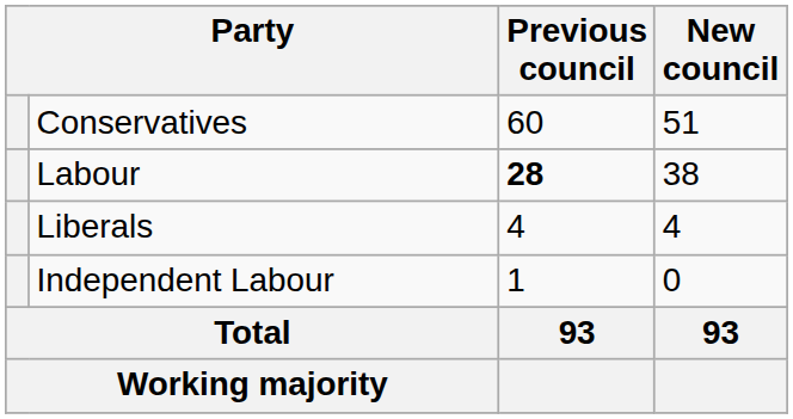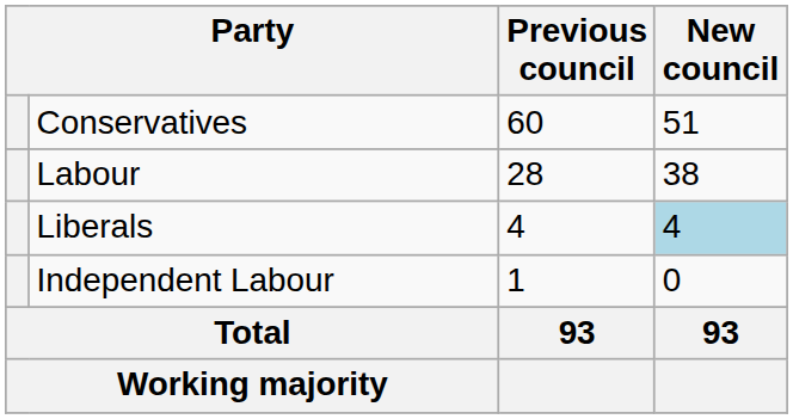 <table class="wikitable">
 <tr>
 <th valign=top colspan="2" style="width: 230px">Party</th>
 <th valign=top style="width: 30px">Previous council</th>
 <th valign=top style="width: 30px">New council</th>
 </tr>
 <tr>
 <th style="background-color: "></th>
 <td>Conservatives</td>
 <td>60</td>
 <td>51</td>
 </tr>
 <tr>
 <th style="background-color: "></th>
 <td>Labour</td>
-<td><strong>28</strong></td>
+<td>28</td>
 <td>38</td>
 </tr>
 <tr>
 <th style="background-color: "></th>
 <td>Liberals</td>
 <td>4</td>
-<td>4</td>
+<td style="background: lightblue;">4</td>
 </tr>
 <tr>
 <th style="background-color: "></th>
 <td>Independent Labour</td>
 <td>1</td>
 <td>0</td>
 </tr>
 <tr>
 <th colspan=2>Total</th>
 <th style="text-align: center">93</th>
 <th colspan=3>93</th>
 </tr>
 <tr>
 <th colspan=2>Working majority</th>
 <th></th>
 <th></th>
 </tr>
 </table>
